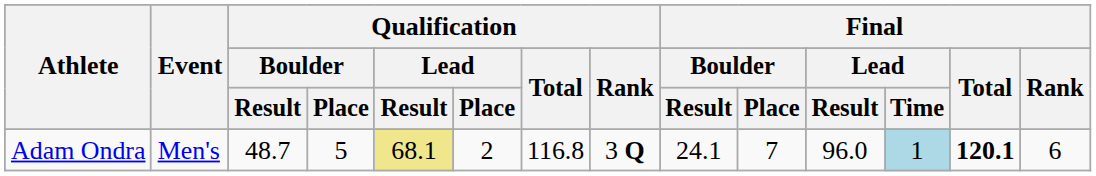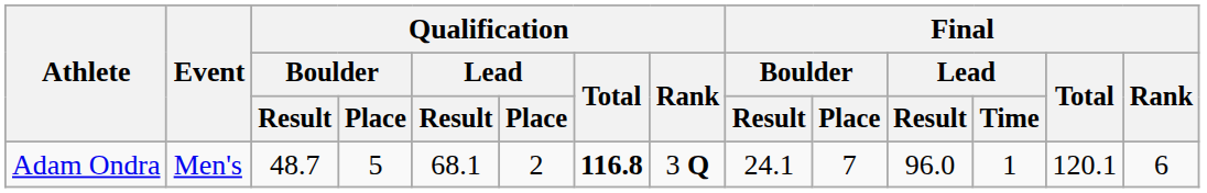 <table class="wikitable" style="font-size:90%">
 <tr>
 <th rowspan="3">Athlete</th>
 <th rowspan="3">Event</th>
 <th colspan="6">Qualification</th>
 <th colspan="7">Final</th>
 </tr>
 <tr style="font-size: 95%">
 <th colspan="2">Boulder</th>
 <th colspan="2">Lead</th>
 <th rowspan="2">Total</th>
 <th rowspan="2">Rank</th>
 <th colspan="2">Boulder</th>
 <th colspan="2">Lead</th>
 <th rowspan="2">Total</th>
 <th rowspan="2">Rank</th>
 </tr>
 <tr style="font-size: 95%">
 <th>Result</th>
 <th>Place</th>
 <th>Result</th>
 <th>Place</th>
 <th>Result</th>
 <th>Place</th>
 <th>Result</th>
 <th>Time</th>
 </tr>
 <tr align=center>
 <td align=left><a href='#'>Adam Ondra</a></td>
 <td align=left><a href='#'>Men's</a></td>
 <td>48.7</td>
 <td>5</td>
-<td style="background: khaki;">68.1</td>
+<td>68.1</td>
 <td>2</td>
-<td>116.8</td>
+<td><strong>116.8</strong></td>
 <td>3 <strong>Q</strong></td>
 <td>24.1</td>
 <td>7</td>
 <td>96.0</td>
-<td style="background: lightblue;">1</td>
-<td><strong>120.1</strong></td>
+<td>1</td>
+<td>120.1</td>
 <td>6</td>
 </tr>
 </table>
